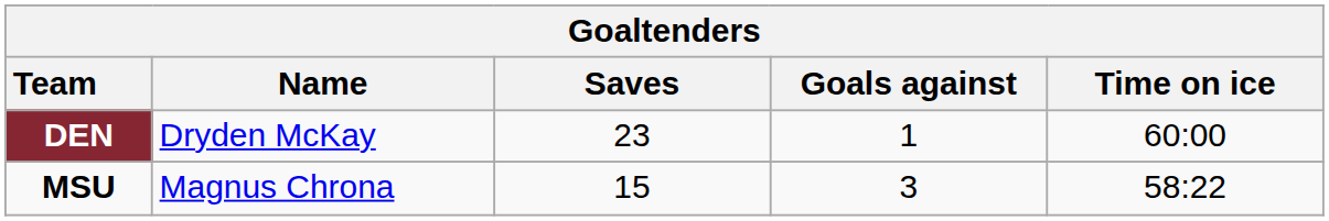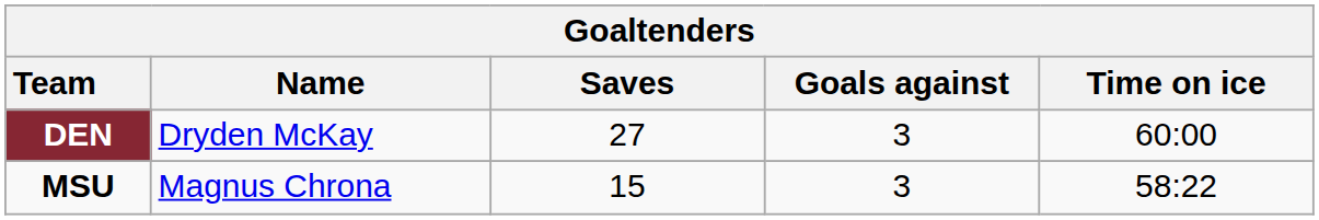 <table class="wikitable" style="width:40em; text-align:right;">
 <tr>
 <th colspan=5>Goaltenders</th>
 </tr>
 <tr>
 <th style="width:4em; text-align:left;">Team</th>
 <th style="width:10em;">Name</th>
 <th style="width:8em;">Saves</th>
 <th style="width:8em;">Goals against</th>
 <th style="width:8em;">Time on ice</th>
 </tr>
 <tr>
 <td align=center style="color:white; background:#862633; "><strong>DEN</strong></td>
 <td style="text-align:left;"><a href='#'>Dryden McKay</a></td>
-<td align=center>23</td>
-<td align=center>1</td>
+<td align=center>27</td>
+<td align=center>3</td>
 <td align=center>60:00</td>
 </tr>
 <tr>
 <td align=center><strong>MSU</strong></td>
 <td style="text-align:left;"><a href='#'>Magnus Chrona</a></td>
 <td align=center>15</td>
 <td align=center>3</td>
 <td align=center>58:22</td>
 </tr>
 </table>
